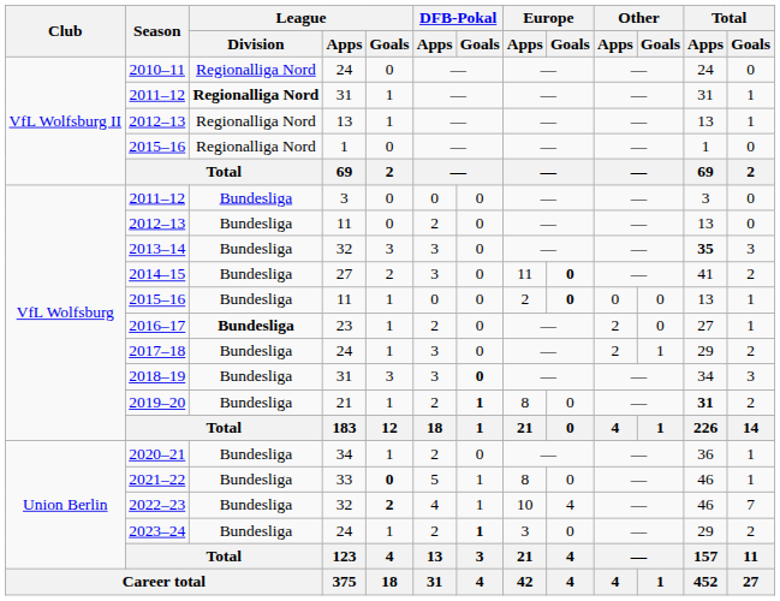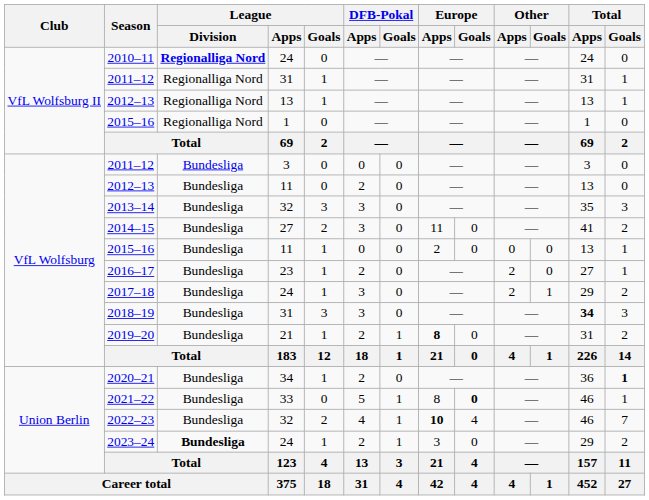 <table class=wikitable style=text-align:center>
 <tr>
 <th rowspan=2>Club</th>
 <th rowspan=2>Season</th>
 <th colspan=3>League</th>
 <th colspan=2><a href='#'>DFB-Pokal</a></th>
 <th colspan=2>Europe</th>
 <th colspan=2>Other</th>
 <th colspan=2>Total</th>
 </tr>
 <tr>
 <th>Division</th>
 <th>Apps</th>
 <th>Goals</th>
 <th>Apps</th>
 <th>Goals</th>
 <th>Apps</th>
 <th>Goals</th>
 <th>Apps</th>
 <th>Goals</th>
 <th>Apps</th>
 <th>Goals</th>
 </tr>
 <tr>
 <td rowspan="5"><a href='#'>VfL Wolfsburg II</a></td>
 <td><a href='#'>2010–11</a></td>
-<td><a href='#'>Regionalliga Nord</a></td>
+<td><strong><a href='#'>Regionalliga Nord</a></strong></td>
 <td>24</td>
 <td>0</td>
 <td colspan="2">—</td>
 <td colspan="2">—</td>
 <td colspan="2">—</td>
 <td>24</td>
 <td>0</td>
 </tr>
 <tr>
 <td><a href='#'>2011–12</a></td>
-<td><strong>Regionalliga Nord</strong></td>
+<td>Regionalliga Nord</td>
 <td>31</td>
 <td>1</td>
 <td colspan="2">—</td>
 <td colspan="2">—</td>
 <td colspan="2">—</td>
 <td>31</td>
 <td>1</td>
 </tr>
 <tr>
 <td><a href='#'>2012–13</a></td>
 <td>Regionalliga Nord</td>
 <td>13</td>
 <td>1</td>
 <td colspan="2">—</td>
 <td colspan="2">—</td>
 <td colspan="2">—</td>
 <td>13</td>
 <td>1</td>
 </tr>
 <tr>
 <td><a href='#'>2015–16</a></td>
 <td>Regionalliga Nord</td>
 <td>1</td>
 <td>0</td>
 <td colspan="2">—</td>
 <td colspan="2">—</td>
 <td colspan="2">—</td>
 <td>1</td>
 <td>0</td>
 </tr>
 <tr>
 <th colspan="2">Total</th>
 <th>69</th>
 <th>2</th>
 <th colspan="2">—</th>
 <th colspan="2">—</th>
 <th colspan="2">—</th>
 <th>69</th>
 <th>2</th>
 </tr>
 <tr>
 <td rowspan="10"><a href='#'>VfL Wolfsburg</a></td>
 <td><a href='#'>2011–12</a></td>
 <td><a href='#'>Bundesliga</a></td>
 <td>3</td>
 <td>0</td>
 <td>0</td>
 <td>0</td>
 <td colspan="2">—</td>
 <td colspan="2">—</td>
 <td>3</td>
 <td>0</td>
 </tr>
 <tr>
 <td><a href='#'>2012–13</a></td>
 <td>Bundesliga</td>
 <td>11</td>
 <td>0</td>
 <td>2</td>
 <td>0</td>
 <td colspan="2">—</td>
 <td colspan="2">—</td>
 <td>13</td>
 <td>0</td>
 </tr>
 <tr>
 <td><a href='#'>2013–14</a></td>
 <td>Bundesliga</td>
 <td>32</td>
 <td>3</td>
 <td>3</td>
 <td>0</td>
 <td colspan="2">—</td>
 <td colspan="2">—</td>
-<td><strong>35</strong></td>
+<td>35</td>
 <td>3</td>
 </tr>
 <tr>
 <td><a href='#'>2014–15</a></td>
 <td>Bundesliga</td>
 <td>27</td>
 <td>2</td>
 <td>3</td>
 <td>0</td>
 <td>11</td>
-<td><strong>0</strong></td>
+<td>0</td>
 <td colspan="2">—</td>
 <td>41</td>
 <td>2</td>
 </tr>
 <tr>
 <td><a href='#'>2015–16</a></td>
 <td>Bundesliga</td>
 <td>11</td>
 <td>1</td>
 <td>0</td>
 <td>0</td>
 <td>2</td>
-<td><strong>0</strong></td>
+<td>0</td>
 <td>0</td>
 <td>0</td>
 <td>13</td>
 <td>1</td>
 </tr>
 <tr>
 <td><a href='#'>2016–17</a></td>
-<td><strong>Bundesliga</strong></td>
+<td>Bundesliga</td>
 <td>23</td>
 <td>1</td>
 <td>2</td>
 <td>0</td>
 <td colspan="2">—</td>
 <td>2</td>
 <td>0</td>
 <td>27</td>
 <td>1</td>
 </tr>
 <tr>
 <td><a href='#'>2017–18</a></td>
 <td>Bundesliga</td>
 <td>24</td>
 <td>1</td>
 <td>3</td>
 <td>0</td>
 <td colspan="2">—</td>
 <td>2</td>
 <td>1</td>
 <td>29</td>
 <td>2</td>
 </tr>
 <tr>
 <td><a href='#'>2018–19</a></td>
 <td>Bundesliga</td>
 <td>31</td>
 <td>3</td>
 <td>3</td>
-<td><strong>0</strong></td>
+<td>0</td>
 <td colspan="2">—</td>
 <td colspan="2">—</td>
-<td>34</td>
+<td><strong>34</strong></td>
 <td>3</td>
 </tr>
 <tr>
 <td><a href='#'>2019–20</a></td>
 <td>Bundesliga</td>
 <td>21</td>
 <td>1</td>
 <td>2</td>
-<td><strong>1</strong></td>
-<td>8</td>
+<td>1</td>
+<td><strong>8</strong></td>
 <td>0</td>
 <td colspan="2">—</td>
-<td><strong>31</strong></td>
+<td>31</td>
 <td>2</td>
 </tr>
 <tr>
 <th colspan="2">Total</th>
 <th>183</th>
 <th>12</th>
 <th>18</th>
 <th>1</th>
 <th>21</th>
 <th>0</th>
 <th>4</th>
 <th>1</th>
 <th>226</th>
 <th>14</th>
 </tr>
 <tr>
 <td rowspan="5"><a href='#'>Union Berlin</a></td>
 <td><a href='#'>2020–21</a></td>
 <td>Bundesliga</td>
 <td>34</td>
 <td>1</td>
 <td>2</td>
 <td>0</td>
 <td colspan="2">—</td>
 <td colspan="2">—</td>
 <td>36</td>
-<td>1</td>
+<td><strong>1</strong></td>
 </tr>
 <tr>
 <td><a href='#'>2021–22</a></td>
 <td>Bundesliga</td>
 <td>33</td>
-<td><strong>0</strong></td>
+<td>0</td>
 <td>5</td>
 <td>1</td>
 <td>8</td>
-<td>0</td>
+<td><strong>0</strong></td>
 <td colspan="2">—</td>
 <td>46</td>
 <td>1</td>
 </tr>
 <tr>
 <td><a href='#'>2022–23</a></td>
 <td>Bundesliga</td>
 <td>32</td>
-<td><strong>2</strong></td>
+<td>2</td>
 <td>4</td>
 <td>1</td>
-<td>10</td>
+<td><strong>10</strong></td>
 <td>4</td>
 <td colspan="2">—</td>
 <td>46</td>
 <td>7</td>
 </tr>
 <tr>
 <td><a href='#'>2023–24</a></td>
-<td>Bundesliga</td>
+<td><strong>Bundesliga</strong></td>
 <td>24</td>
 <td>1</td>
 <td>2</td>
-<td><strong>1</strong></td>
+<td>1</td>
 <td>3</td>
 <td>0</td>
 <td colspan="2">—</td>
 <td>29</td>
 <td>2</td>
 </tr>
 <tr>
 <th colspan="2">Total</th>
 <th>123</th>
 <th>4</th>
 <th>13</th>
 <th>3</th>
 <th>21</th>
 <th>4</th>
 <th colspan="2">—</th>
 <th>157</th>
 <th>11</th>
 </tr>
 <tr>
 <th colspan="3">Career total</th>
 <th>375</th>
 <th>18</th>
 <th>31</th>
 <th>4</th>
 <th>42</th>
 <th>4</th>
 <th>4</th>
 <th>1</th>
 <th>452</th>
 <th>27</th>
 </tr>
 </table>
